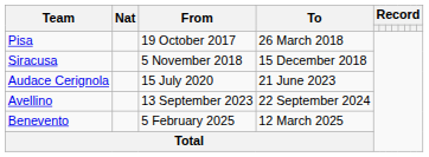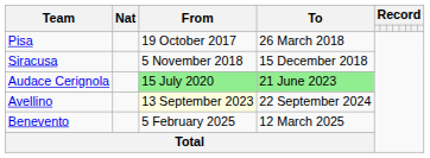 <table class="wikitable" style="text-align: center">
 <tr>
 <th rowspan="2">Team</th>
 <th rowspan="2">Nat</th>
 <th rowspan="2">From</th>
 <th rowspan="2">To</th>
 <th colspan="8">Record</th>
 </tr>
 <tr>
 <th></th>
 <th></th>
 <th></th>
 <th></th>
 <th></th>
 <th></th>
 <th></th>
 <th></th>
 </tr>
 <tr>
 <td align=left><a href='#'>Pisa</a></td>
 <td></td>
 <td align=left>19 October 2017</td>
 <td align=left>26 March 2018<br></td>
 </tr>
 <tr>
 <td align=left><a href='#'>Siracusa</a></td>
 <td></td>
 <td align=left>5 November 2018</td>
 <td align=left>15 December 2018<br></td>
 </tr>
 <tr>
 <td align=left><a href='#'>Audace Cerignola</a></td>
 <td></td>
-<td align=left>15 July 2020</td>
-<td align=left>21 June 2023<br></td>
+<td align=left style="background: lightgreen;">15 July 2020</td>
+<td align=left style="background: lightgreen;">21 June 2023<br></td>
 </tr>
 <tr>
 <td align=left><a href='#'>Avellino</a></td>
 <td></td>
-<td align=left>13 September 2023</td>
+<td align=left style="background: lightyellow;">13 September 2023</td>
 <td align=left>22 September 2024<br></td>
 </tr>
 <tr>
 <td align=left><a href='#'>Benevento</a></td>
 <td></td>
 <td align=left>5 February 2025</td>
 <td align=left>12 March 2025<br></td>
 </tr>
 <tr>
 <th colspan="4">Total<br></th>
 </tr>
 </table>
